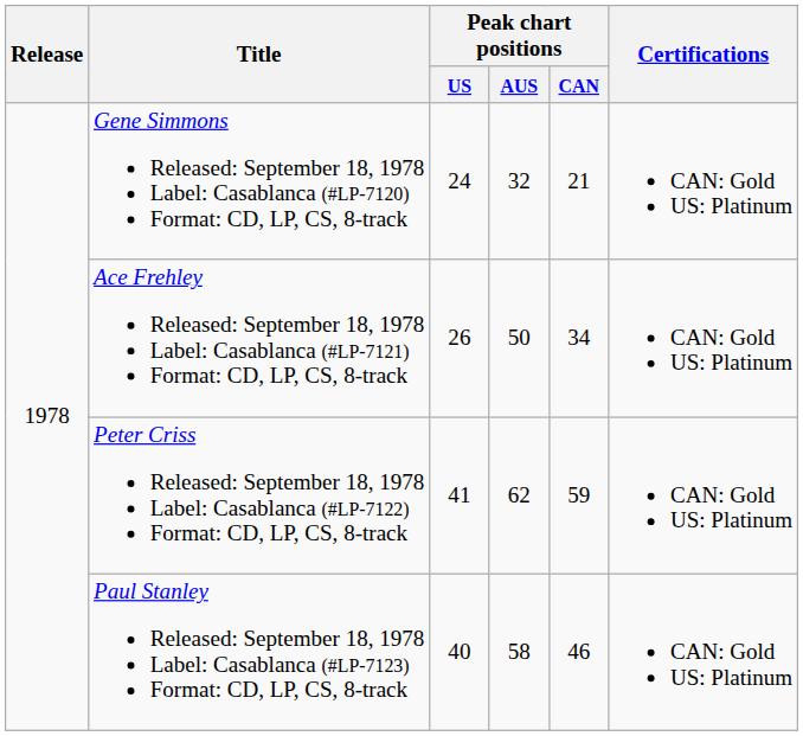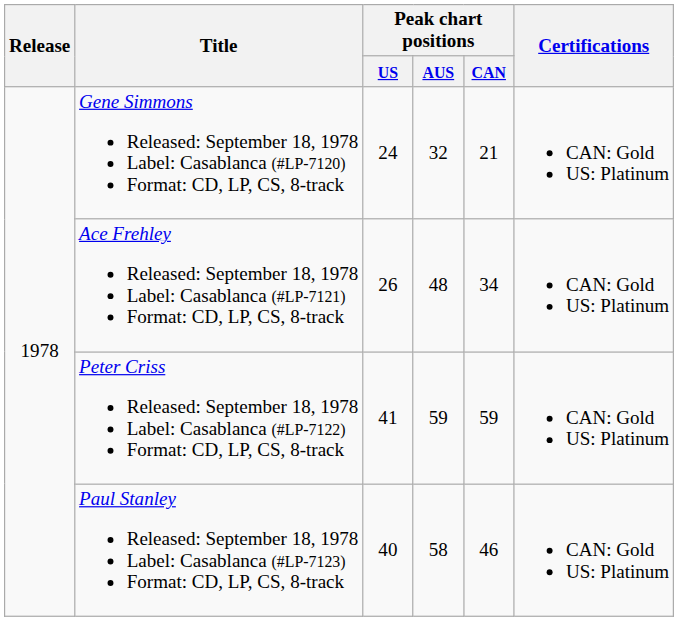 <table class="wikitable" style="text-align: center">
 <tr>
 <th rowspan="2">Release</th>
 <th rowspan="2">Title</th>
 <th colspan="3">Peak chart positions</th>
 <th rowspan="2"><a href='#'>Certifications</a></th>
 </tr>
 <tr>
 <th style="width:35px;"><small><a href='#'>US</a><br></small></th>
 <th style="width:35px;"><small><a href='#'>AUS</a><br></small></th>
 <th style="width:35px;"><small><a href='#'>CAN</a><br></small></th>
 </tr>
 <tr>
 <td rowspan="4">1978</td>
 <td align="left"><em><a href='#'>Gene Simmons</a></em><br><ul><li>Released: September 18, 1978</li><li>Label: Casablanca <small>(#LP-7120)</small></li><li>Format: CD, LP, CS, 8-track</li></ul></td>
 <td>24</td>
 <td>32</td>
 <td>21</td>
 <td align="left"><br><ul><li>CAN: Gold</li><li>US: Platinum</li></ul></td>
 </tr>
 <tr>
 <td align="left"><em><a href='#'>Ace Frehley</a></em><br><ul><li>Released: September 18, 1978</li><li>Label: Casablanca <small>(#LP-7121)</small></li><li>Format: CD, LP, CS, 8-track</li></ul></td>
 <td>26</td>
-<td>50</td>
+<td>48</td>
 <td>34</td>
 <td align="left"><br><ul><li>CAN: Gold</li><li>US: Platinum</li></ul></td>
 </tr>
 <tr>
 <td align="left"><em><a href='#'>Peter Criss</a></em><br><ul><li>Released: September 18, 1978</li><li>Label: Casablanca <small>(#LP-7122)</small></li><li>Format: CD, LP, CS, 8-track</li></ul></td>
 <td>41</td>
-<td>62</td>
+<td>59</td>
 <td>59</td>
 <td align="left"><br><ul><li>CAN: Gold</li><li>US: Platinum</li></ul></td>
 </tr>
 <tr>
 <td align="left"><em><a href='#'>Paul Stanley</a></em><br><ul><li>Released: September 18, 1978</li><li>Label: Casablanca <small>(#LP-7123)</small></li><li>Format: CD, LP, CS, 8-track</li></ul></td>
 <td>40</td>
 <td>58</td>
 <td>46</td>
 <td align="left"><br><ul><li>CAN: Gold</li><li>US: Platinum</li></ul></td>
 </tr>
 </table>
